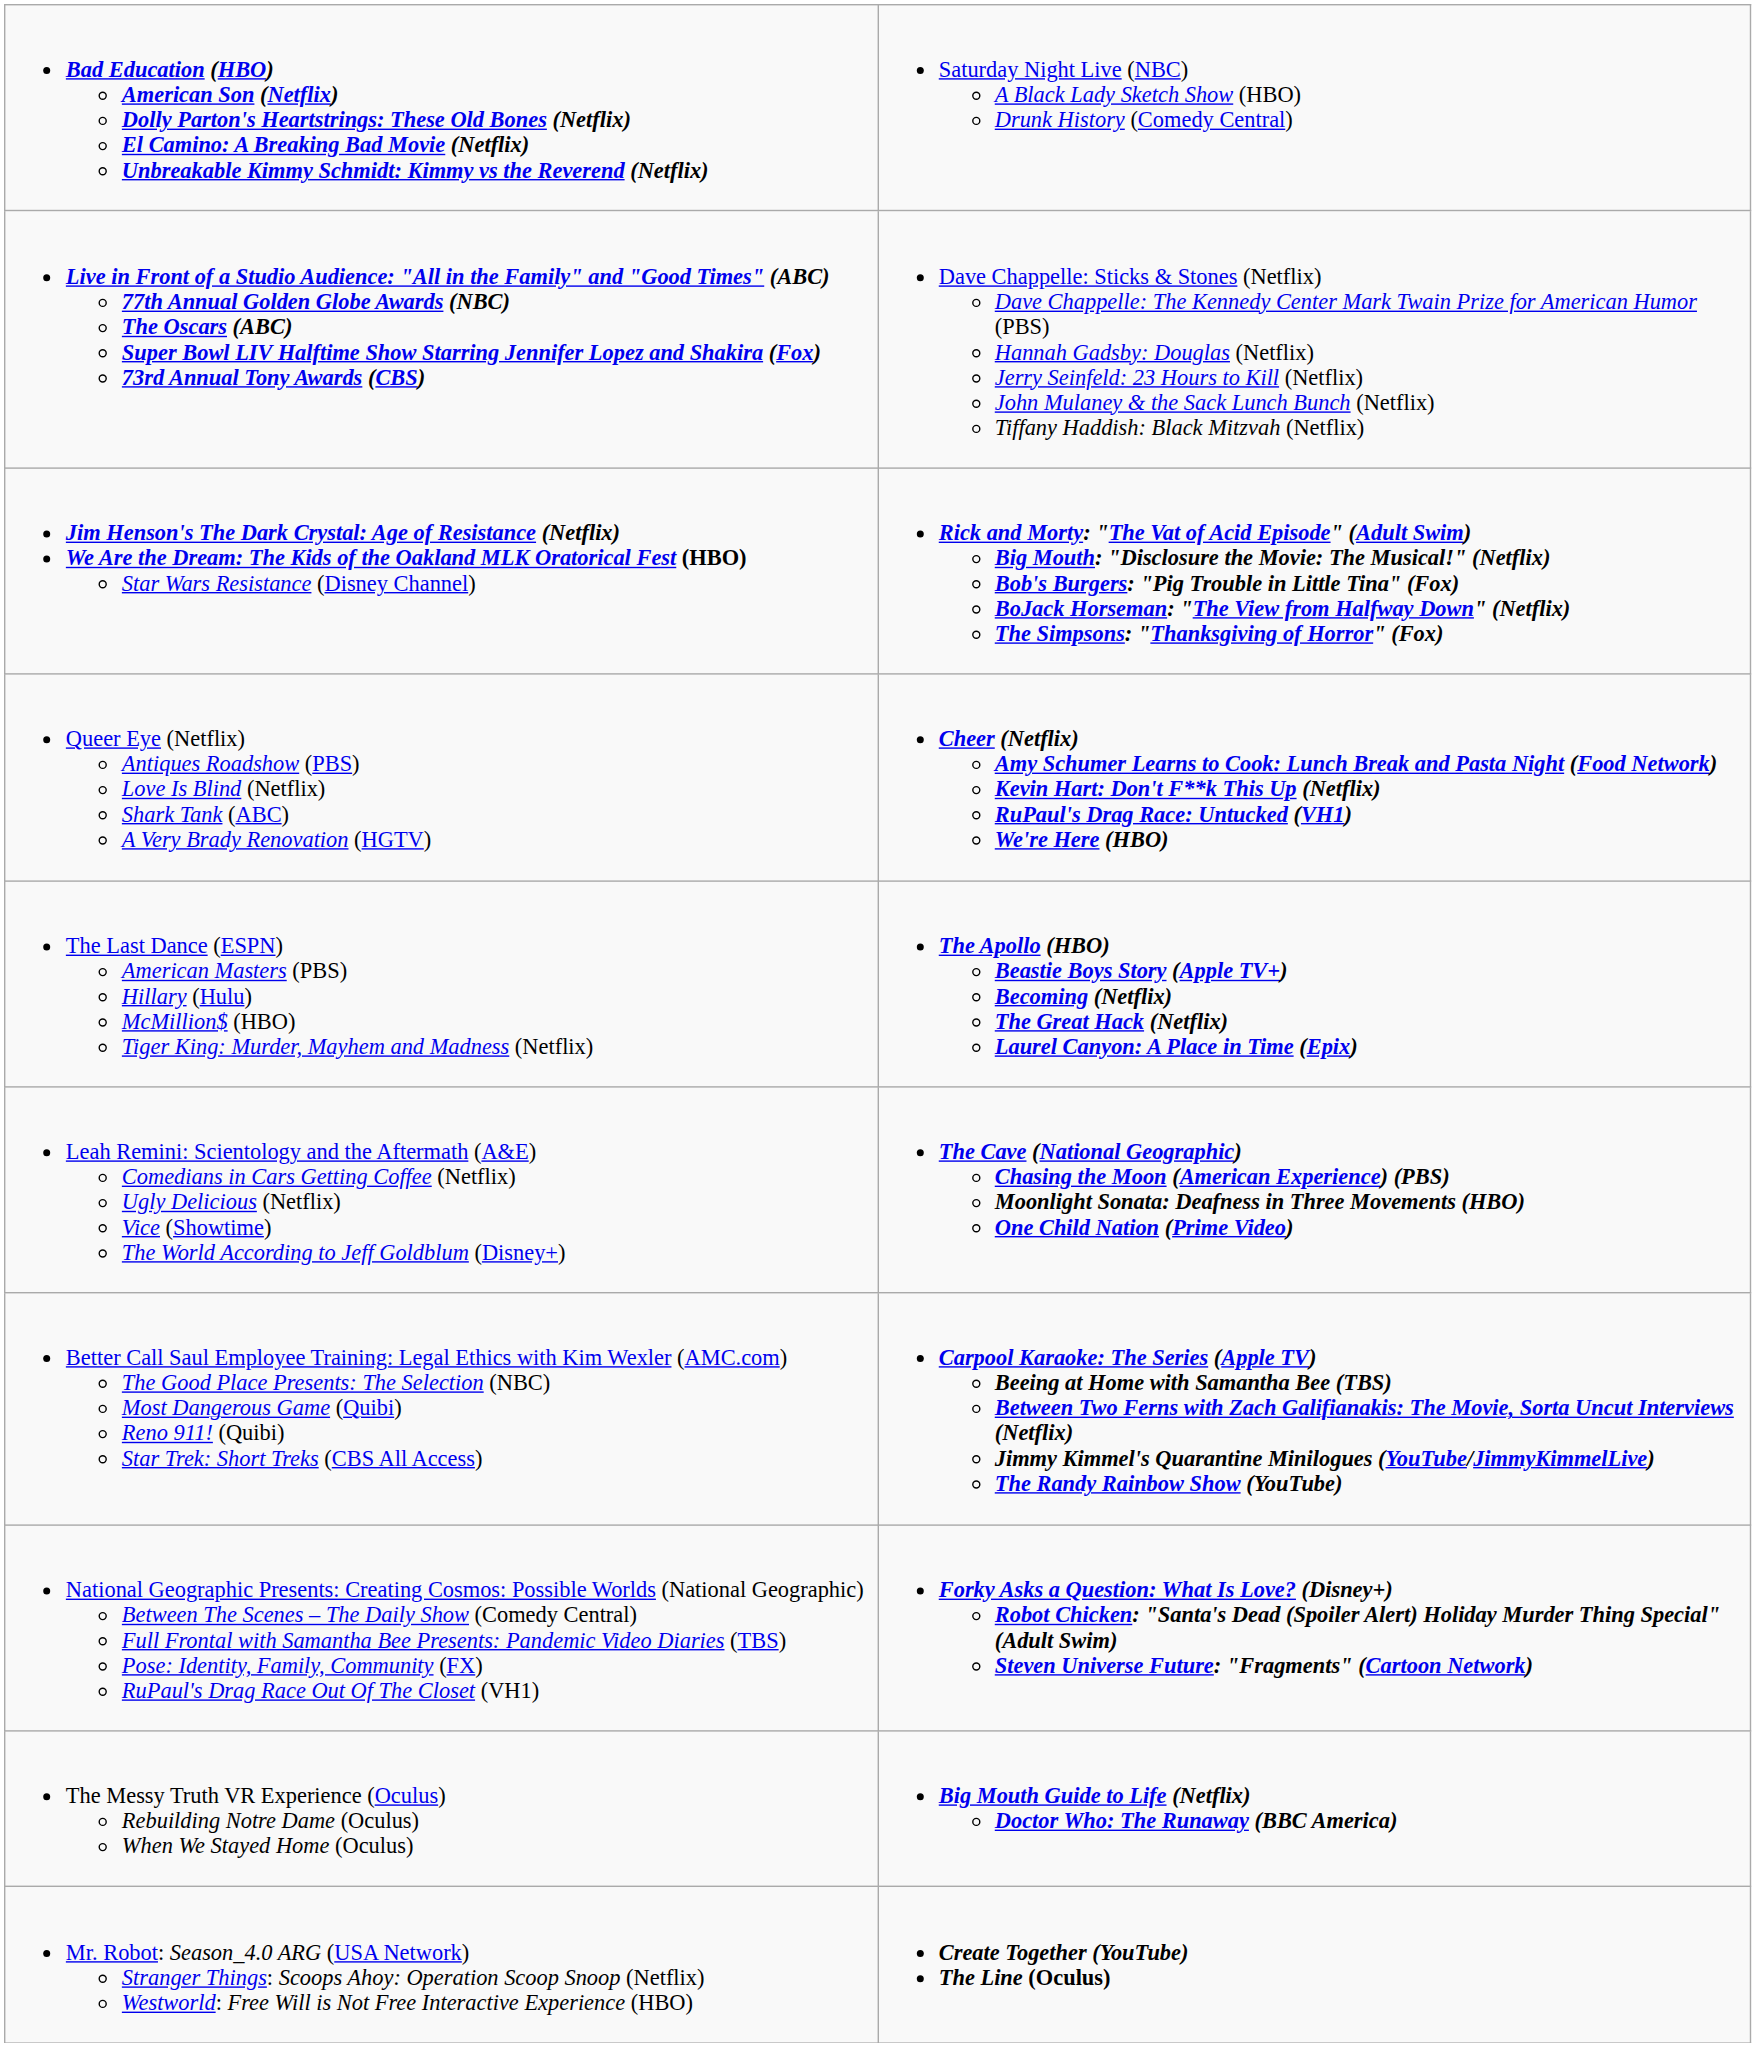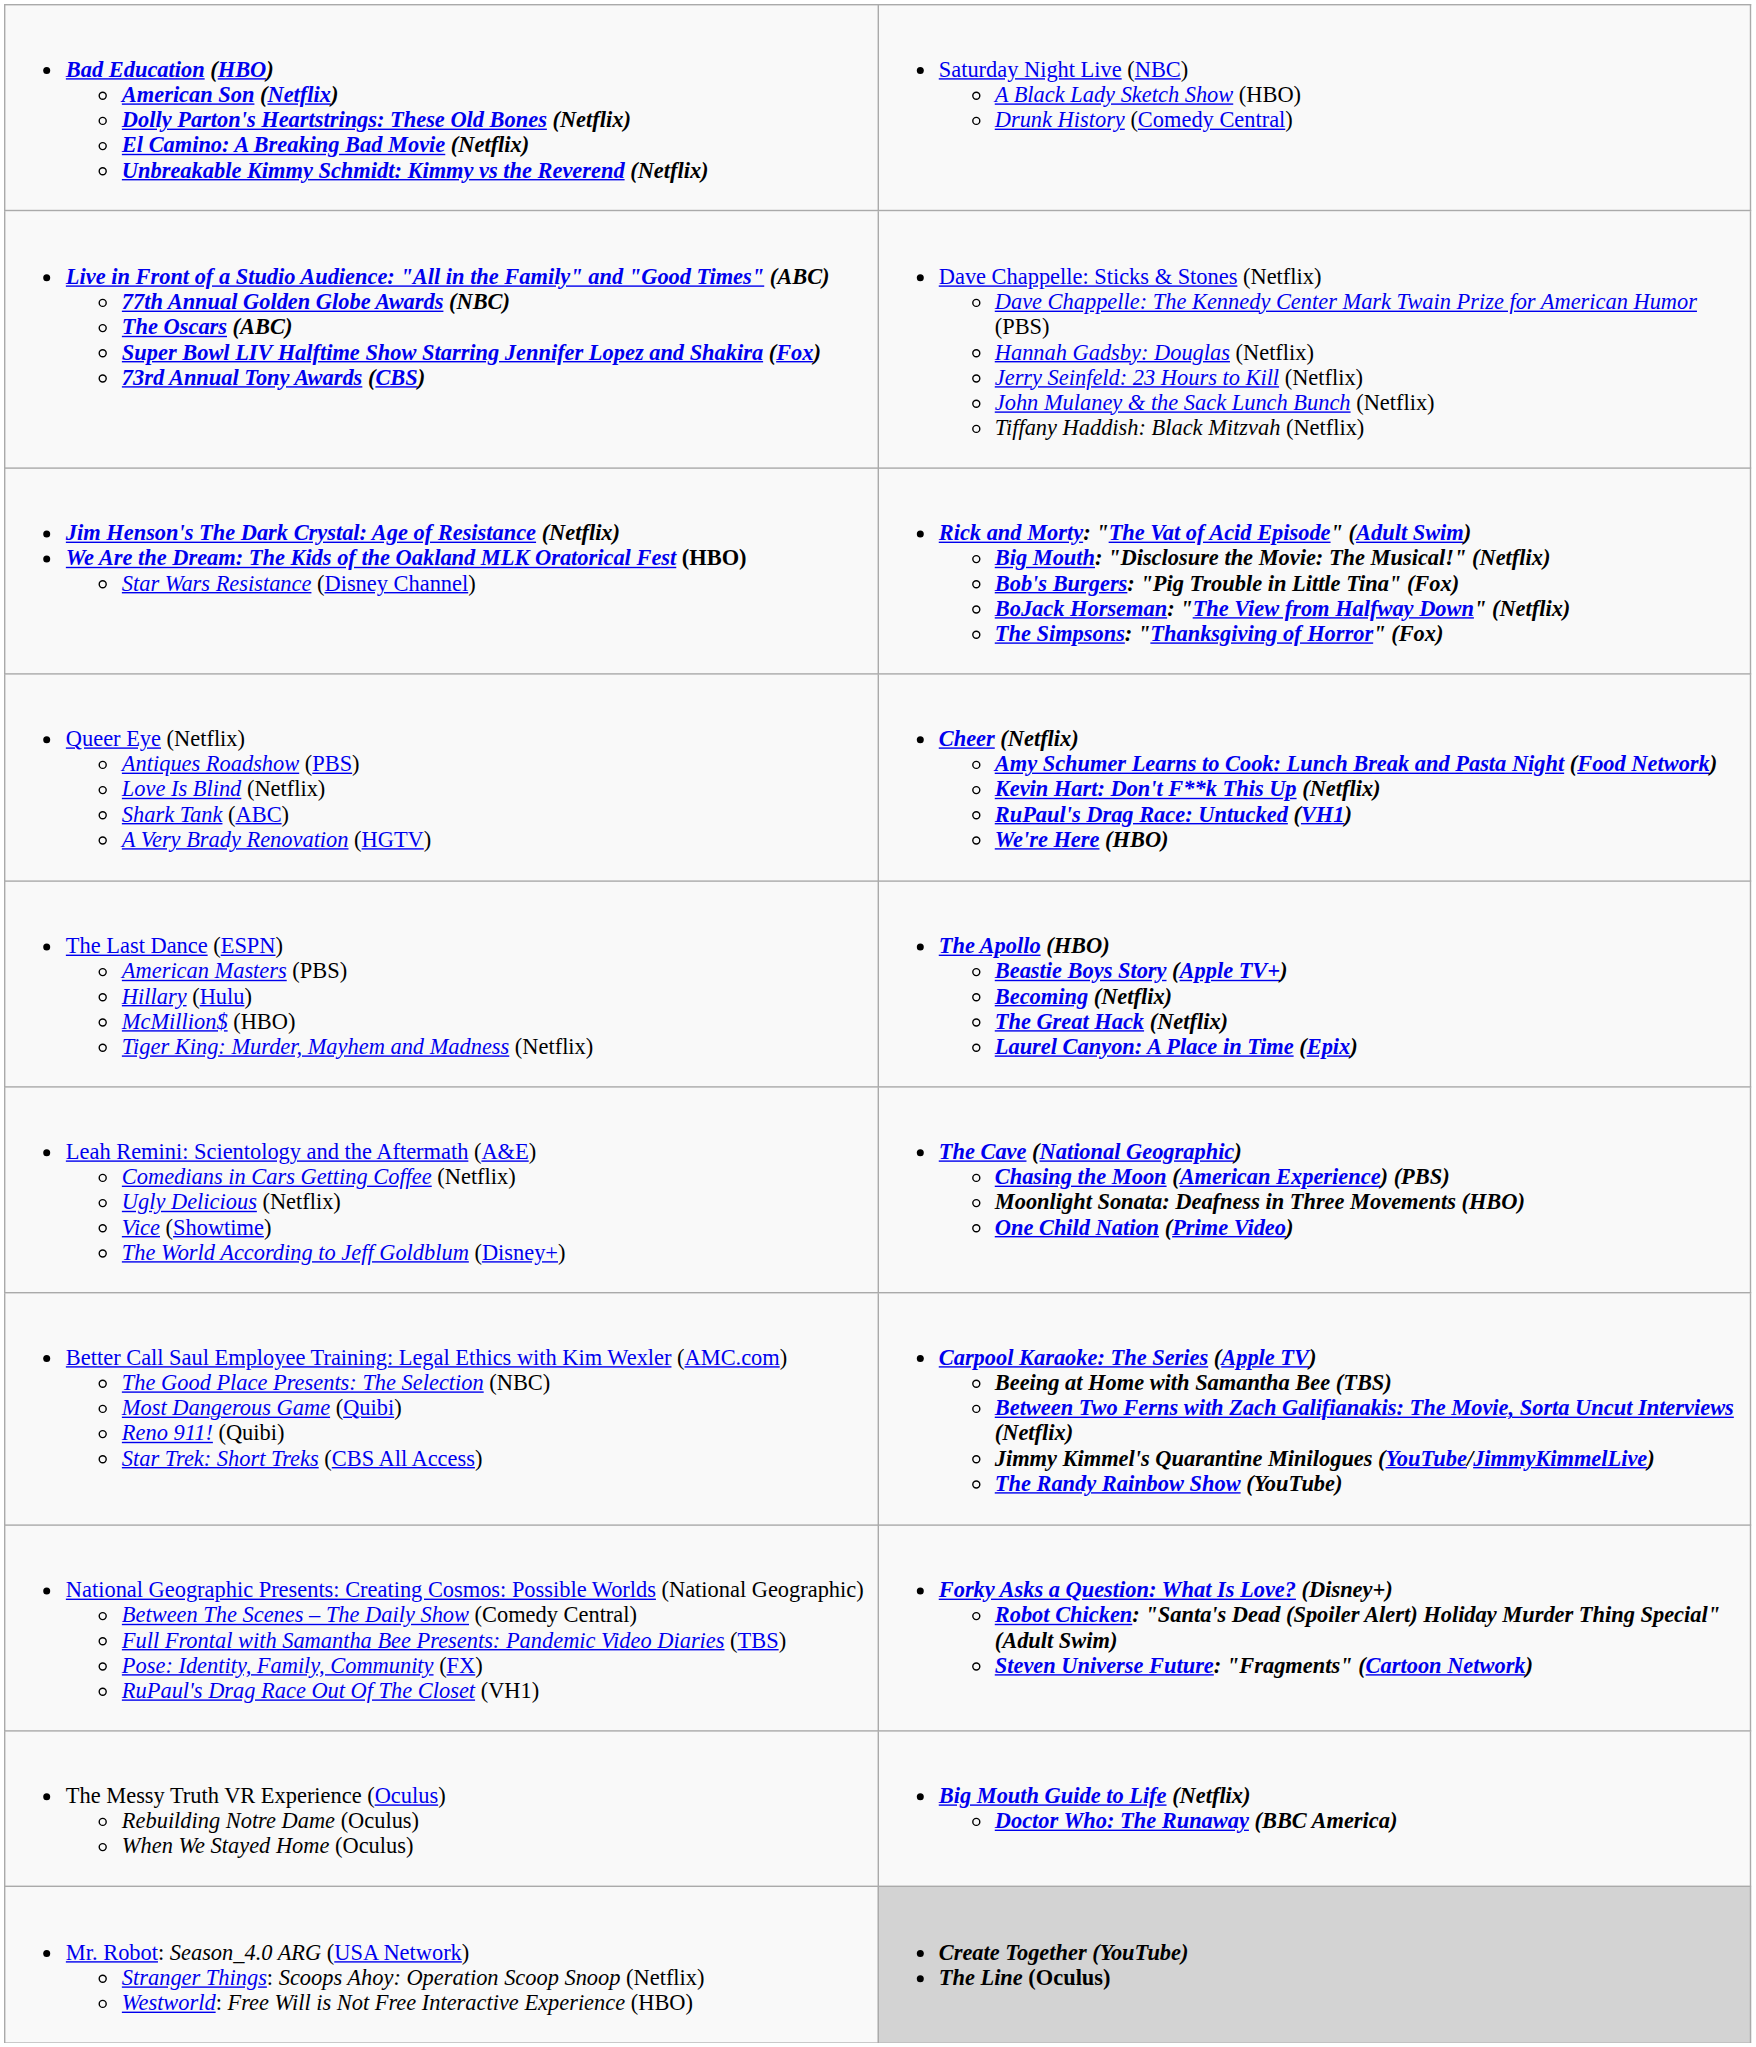 <table class="wikitable">
 <tr>
 <td style="vertical-align:top;" width="50%"><br><ul><li><strong><em><a href='#'>Bad Education</a><em> (<a href='#'>HBO</a>)<strong><ul><li></em><a href='#'>American Son</a><em> (<a href='#'>Netflix</a>)</li><li></em><a href='#'>Dolly Parton's Heartstrings: These Old Bones</a><em> (Netflix)</li><li></em><a href='#'>El Camino: A Breaking Bad Movie</a><em> (Netflix)</li><li></em><a href='#'>Unbreakable Kimmy Schmidt: Kimmy vs the Reverend</a><em> (Netflix)</li></ul></li></ul></td>
 <td style="vertical-align:top;" width="50%"><br><ul><li></em></strong><a href='#'>Saturday Night Live</a></em> (<a href='#'>NBC</a>)</strong><ul><li><em><a href='#'>A Black Lady Sketch Show</a></em> (HBO)</li><li><em><a href='#'>Drunk History</a></em> (<a href='#'>Comedy Central</a>)</li></ul></li></ul></td>
 </tr>
 <tr>
 <td style="vertical-align:top;" width="50%"><br><ul><li><strong><em><a href='#'>Live in Front of a Studio Audience: "All in the Family" and "Good Times"</a><em> (ABC)<strong><ul><li></em><a href='#'>77th Annual Golden Globe Awards</a><em> (NBC)</li><li></em><a href='#'>The Oscars</a><em> (ABC)</li><li></em><a href='#'>Super Bowl LIV Halftime Show Starring Jennifer Lopez and Shakira</a><em> (<a href='#'>Fox</a>)</li><li></em><a href='#'>73rd Annual Tony Awards</a><em> (<a href='#'>CBS</a>)</li></ul></li></ul></td>
 <td style="vertical-align:top;" width="50%"><br><ul><li></em></strong><a href='#'>Dave Chappelle: Sticks & Stones</a></em> (Netflix)</strong><ul><li><em><a href='#'>Dave Chappelle: The Kennedy Center Mark Twain Prize for American Humor</a></em> (PBS)</li><li><em><a href='#'>Hannah Gadsby: Douglas</a></em> (Netflix)</li><li><em><a href='#'>Jerry Seinfeld: 23 Hours to Kill</a></em> (Netflix)</li><li><em><a href='#'>John Mulaney & the Sack Lunch Bunch</a></em> (Netflix)</li><li><em>Tiffany Haddish: Black Mitzvah</em> (Netflix)</li></ul></li></ul></td>
 </tr>
 <tr>
 <td style="vertical-align:top;" width="50%"><br><ul><li><strong><em><a href='#'>Jim Henson's The Dark Crystal: Age of Resistance</a><em> (Netflix)<strong></li><li></em></strong><a href='#'>We Are the Dream: The Kids of the Oakland MLK Oratorical Fest</a></em> (HBO)</strong><ul><li><em><a href='#'>Star Wars Resistance</a></em> (<a href='#'>Disney Channel</a>)</li></ul></li></ul></td>
 <td style="vertical-align:top;" width="50%"><br><ul><li><strong><em><a href='#'>Rick and Morty</a><em>: "<a href='#'>The Vat of Acid Episode</a>" (<a href='#'>Adult Swim</a>)<strong><ul><li></em><a href='#'>Big Mouth</a><em>: "Disclosure the Movie: The Musical!" (Netflix)</li><li></em><a href='#'>Bob's Burgers</a><em>: "Pig Trouble in Little Tina" (Fox)</li><li></em><a href='#'>BoJack Horseman</a><em>: "<a href='#'>The View from Halfway Down</a>" (Netflix)</li><li></em><a href='#'>The Simpsons</a><em>: "<a href='#'>Thanksgiving of Horror</a>" (Fox)</li></ul></li></ul></td>
 </tr>
 <tr>
 <td style="vertical-align:top;" width="50%"><br><ul><li></em></strong><a href='#'>Queer Eye</a></em> (Netflix)</strong><ul><li><em><a href='#'>Antiques Roadshow</a></em> (<a href='#'>PBS</a>)</li><li><em><a href='#'>Love Is Blind</a></em> (Netflix)</li><li><em><a href='#'>Shark Tank</a></em> (<a href='#'>ABC</a>)</li><li><em><a href='#'>A Very Brady Renovation</a></em> (<a href='#'>HGTV</a>)</li></ul></li></ul></td>
 <td style="vertical-align:top;" width="50%"><br><ul><li><strong><em><a href='#'>Cheer</a><em> (Netflix)<strong><ul><li></em><a href='#'>Amy Schumer Learns to Cook: Lunch Break and Pasta Night</a><em> (<a href='#'>Food Network</a>)</li><li></em><a href='#'>Kevin Hart: Don't F**k This Up</a><em> (Netflix)</li><li></em><a href='#'>RuPaul's Drag Race: Untucked</a><em> (<a href='#'>VH1</a>)</li><li></em><a href='#'>We're Here</a><em> (HBO)</li></ul></li></ul></td>
 </tr>
 <tr>
 <td style="vertical-align:top;" width="50%"><br><ul><li></em></strong><a href='#'>The Last Dance</a></em> (<a href='#'>ESPN</a>)</strong><ul><li><em><a href='#'>American Masters</a></em> (PBS)</li><li><em><a href='#'>Hillary</a></em> (<a href='#'>Hulu</a>)</li><li><em><a href='#'>McMillion$</a></em> (HBO)</li><li><em><a href='#'>Tiger King: Murder, Mayhem and Madness</a></em> (Netflix)</li></ul></li></ul></td>
 <td style="vertical-align:top;" width="50%"><br><ul><li><strong><em><a href='#'>The Apollo</a><em> (HBO)<strong><ul><li></em><a href='#'>Beastie Boys Story</a><em> (<a href='#'>Apple TV+</a>)</li><li></em><a href='#'>Becoming</a><em> (Netflix)</li><li></em><a href='#'>The Great Hack</a><em> (Netflix)</li><li></em><a href='#'>Laurel Canyon: A Place in Time</a><em> (<a href='#'>Epix</a>)</li></ul></li></ul></td>
 </tr>
 <tr>
 <td style="vertical-align:top;" width="50%"><br><ul><li></em></strong><a href='#'>Leah Remini: Scientology and the Aftermath</a></em> (<a href='#'>A&E</a>)</strong><ul><li><em><a href='#'>Comedians in Cars Getting Coffee</a></em> (Netflix)</li><li><em><a href='#'>Ugly Delicious</a></em> (Netflix)</li><li><em><a href='#'>Vice</a></em> (<a href='#'>Showtime</a>)</li><li><em><a href='#'>The World According to Jeff Goldblum</a></em> (<a href='#'>Disney+</a>)</li></ul></li></ul></td>
 <td style="vertical-align:top;" width="50%"><br><ul><li><strong><em><a href='#'>The Cave</a><em> (<a href='#'>National Geographic</a>)<strong><ul><li></em><a href='#'>Chasing the Moon</a><em> (</em><a href='#'>American Experience</a><em>) (PBS)</li><li></em>Moonlight Sonata: Deafness in Three Movements<em> (HBO)</li><li></em><a href='#'>One Child Nation</a><em> (<a href='#'>Prime Video</a>)</li></ul></li></ul></td>
 </tr>
 <tr>
 <td style="vertical-align:top;" width="50%"><br><ul><li></em></strong><a href='#'>Better Call Saul Employee Training: Legal Ethics with Kim Wexler</a></em> (<a href='#'>AMC.com</a>)</strong><ul><li><em><a href='#'>The Good Place Presents: The Selection</a></em> (NBC)</li><li><em><a href='#'>Most Dangerous Game</a></em> (<a href='#'>Quibi</a>)</li><li><em><a href='#'>Reno 911!</a></em> (Quibi)</li><li><em><a href='#'>Star Trek: Short Treks</a></em> (<a href='#'>CBS All Access</a>)</li></ul></li></ul></td>
 <td style="vertical-align:top;" width="50%"><br><ul><li><strong><em><a href='#'>Carpool Karaoke: The Series</a><em> (<a href='#'>Apple TV</a>)<strong><ul><li></em>Beeing at Home with Samantha Bee<em> (TBS)</li><li></em><a href='#'>Between Two Ferns with Zach Galifianakis: The Movie, Sorta Uncut Interviews</a><em> (Netflix)</li><li></em>Jimmy Kimmel's Quarantine Minilogues<em> (<a href='#'>YouTube</a>/<a href='#'>JimmyKimmelLive</a>)</li><li></em><a href='#'>The Randy Rainbow Show</a><em> (YouTube)</li></ul></li></ul></td>
 </tr>
 <tr>
 <td style="vertical-align:top;" width="50%"><br><ul><li></em></strong><a href='#'>National Geographic Presents: Creating Cosmos: Possible Worlds</a></em> (National Geographic)</strong><ul><li><em><a href='#'>Between The Scenes – The Daily Show</a></em> (Comedy Central)</li><li><em><a href='#'>Full Frontal with Samantha Bee Presents: Pandemic Video Diaries</a></em> (<a href='#'>TBS</a>)</li><li><em><a href='#'>Pose: Identity, Family, Community</a></em> (<a href='#'>FX</a>)</li><li><em><a href='#'>RuPaul's Drag Race Out Of The Closet</a></em> (VH1)</li></ul></li></ul></td>
 <td style="vertical-align:top;" width="50%"><br><ul><li><strong><em><a href='#'>Forky Asks a Question: What Is Love?</a><em> (Disney+)<strong><ul><li></em><a href='#'>Robot Chicken</a><em>: "Santa's Dead (Spoiler Alert) Holiday Murder Thing Special" (Adult Swim)</li><li></em><a href='#'>Steven Universe Future</a><em>: "Fragments" (<a href='#'>Cartoon Network</a>)</li></ul></li></ul></td>
 </tr>
 <tr>
 <td style="vertical-align:top;" width="50%"><br><ul><li></em></strong>The Messy Truth VR Experience</em> (<a href='#'>Oculus</a>)</strong><ul><li><em>Rebuilding Notre Dame</em> (Oculus)</li><li><em>When We Stayed Home</em> (Oculus)</li></ul></li></ul></td>
 <td style="vertical-align:top;" width="50%"><br><ul><li><strong><em><a href='#'>Big Mouth Guide to Life</a><em> (Netflix)<strong><ul><li></em><a href='#'>Doctor Who: The Runaway</a><em> (BBC America)</li></ul></li></ul></td>
 </tr>
 <tr>
 <td style="vertical-align:top;" width="50%"><br><ul><li></em></strong><a href='#'>Mr. Robot</a></em>: <em>Season_4.0 ARG</em> (<a href='#'>USA Network</a>)</strong><ul><li><em><a href='#'>Stranger Things</a></em>: <em>Scoops Ahoy: Operation Scoop Snoop</em> (Netflix)</li><li><em><a href='#'>Westworld</a></em>: <em>Free Will is Not Free Interactive Experience</em> (HBO)</li></ul></li></ul></td>
-<td style="vertical-align:top;" width="50%"><br><ul><li><strong><em>Create Together<em> (YouTube)<strong></li><li></em></strong>The Line</em> (Oculus)</strong></li></ul></td>
+<td style="background: lightgrey; vertical-align:top;" width="50%"><br><ul><li><strong><em>Create Together<em> (YouTube)<strong></li><li></em></strong>The Line</em> (Oculus)</strong></li></ul></td>
 </tr>
 </table>
